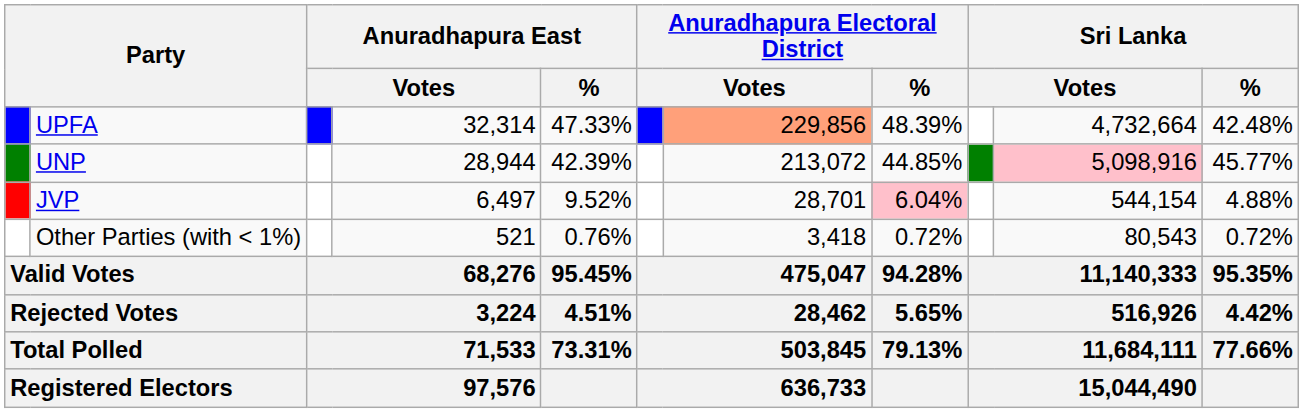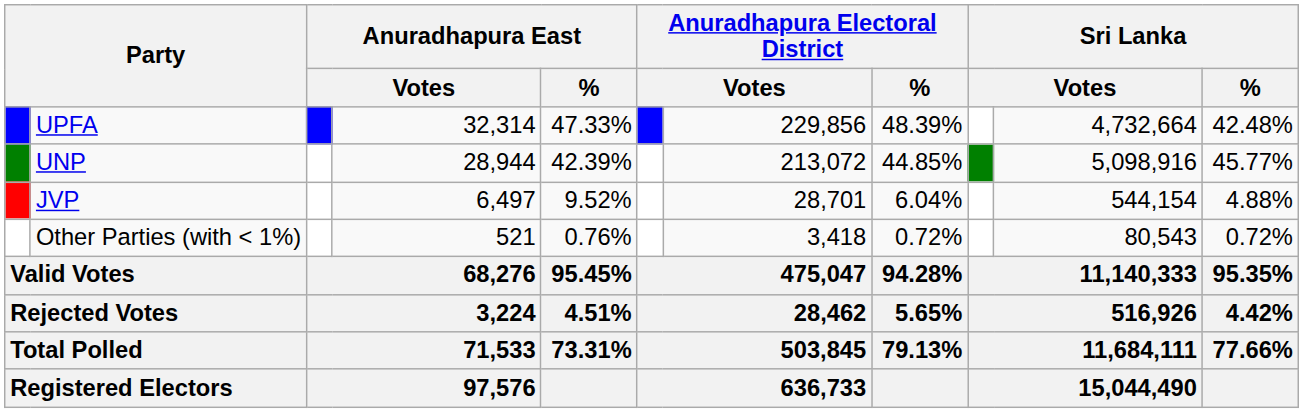 <table class="wikitable">
 <tr>
 <th colspan="2" width="144px"rowspan="2">Party</th>
 <th colspan="3" width="216px">Anuradhapura East</th>
 <th colspan="3" width="216px"><a href='#'>Anuradhapura Electoral District</a></th>
 <th colspan="3" width="216px">Sri Lanka</th>
 </tr>
 <tr>
 <th colspan="2" width="144px">Votes</th>
 <th>%</th>
 <th colspan="2" width="144px">Votes</th>
 <th>%</th>
 <th colspan="2" width="144px">Votes</th>
 <th>%</th>
 </tr>
 <tr>
 <td style="background-color:blue;" width="10px"></td>
 <td style="text-align:left;"><a href='#'>UPFA</a></td>
 <td style="background-color:blue;" width="10px"></td>
 <td style="text-align:right;">32,314</td>
 <td style="text-align:right;">47.33%</td>
 <td style="background-color:blue;" width="10px"></td>
-<td style="background: lightsalmon; text-align:right;">229,856</td>
+<td style="text-align:right;">229,856</td>
 <td style="text-align:right;">48.39%</td>
 <td style="background-color:white;" width="10px"></td>
 <td style="text-align:right;">4,732,664</td>
 <td style="text-align:right;">42.48%</td>
 </tr>
 <tr>
 <td style="background-color:green;" width="10px"></td>
 <td style="text-align:left;"><a href='#'>UNP</a></td>
 <td style="background-color:white;" width="10px"></td>
 <td style="text-align:right;">28,944</td>
 <td style="text-align:right;">42.39%</td>
 <td style="background-color:white;" width="10px"></td>
 <td style="text-align:right;">213,072</td>
 <td style="text-align:right;">44.85%</td>
 <td style="background-color:green;" width="10px"></td>
-<td style="background: pink; text-align:right;">5,098,916</td>
+<td style="text-align:right;">5,098,916</td>
 <td style="text-align:right;">45.77%</td>
 </tr>
 <tr>
 <td style="background-color:red;" width="10px"></td>
 <td style="text-align:left;"><a href='#'>JVP</a></td>
 <td style="background-color:white;" width="10px"></td>
 <td style="text-align:right;">6,497</td>
 <td style="text-align:right;">9.52%</td>
 <td style="background-color:white;" width="10px"></td>
 <td style="text-align:right;">28,701</td>
-<td style="background: pink; text-align:right;">6.04%</td>
+<td style="text-align:right;">6.04%</td>
 <td style="background-color:white;" width="10px"></td>
 <td style="text-align:right;">544,154</td>
 <td style="text-align:right;">4.88%</td>
 </tr>
 <tr>
 <td style="background-color:white;" width="10px"></td>
 <td style="text-align:left;">Other Parties (with < 1%)</td>
 <td style="background-color:white;" width="10px"></td>
 <td style="text-align:right;">521</td>
 <td style="text-align:right;">0.76%</td>
 <td style="background-color:white;" width="10px"></td>
 <td style="text-align:right;">3,418</td>
 <td style="text-align:right;">0.72%</td>
 <td style="background-color:white;" width="10px"></td>
 <td style="text-align:right;">80,543</td>
 <td style="text-align:right;">0.72%</td>
 </tr>
 <tr>
 <th colspan="2" width="144px"style="text-align:left;">Valid Votes</th>
 <th style="text-align:right;"colspan="2" width="144px">68,276</th>
 <th style="text-align:right;">95.45%</th>
 <th style="text-align:right;"colspan="2" width="144px">475,047</th>
 <th style="text-align:right;">94.28%</th>
 <th style="text-align:right;"colspan="2" width="144px">11,140,333</th>
 <th style="text-align:right;">95.35%</th>
 </tr>
 <tr>
 <th colspan="2" width="144px"style="text-align:left;">Rejected Votes</th>
 <th style="text-align:right;"colspan="2" width="144px">3,224</th>
 <th style="text-align:right;">4.51%</th>
 <th style="text-align:right;"colspan="2" width="144px">28,462</th>
 <th style="text-align:right;">5.65%</th>
 <th style="text-align:right;"colspan="2" width="144px">516,926</th>
 <th style="text-align:right;">4.42%</th>
 </tr>
 <tr>
 <th colspan="2" width="144px"style="text-align:left;">Total Polled</th>
 <th style="text-align:right;"colspan="2" width="144px">71,533</th>
 <th style="text-align:right;">73.31%</th>
 <th style="text-align:right;"colspan="2" width="144px">503,845</th>
 <th style="text-align:right;">79.13%</th>
 <th style="text-align:right;"colspan="2" width="144px">11,684,111</th>
 <th style="text-align:right;">77.66%</th>
 </tr>
 <tr>
 <th colspan="2" width="144px"style="text-align:left;">Registered Electors</th>
 <th style="text-align:right;"colspan="2" width="144px">97,576</th>
 <th></th>
 <th style="text-align:right;"colspan="2" width="144px">636,733</th>
 <th></th>
 <th style="text-align:right;"colspan="2" width="144px">15,044,490</th>
 <th></th>
 </tr>
 </table>
